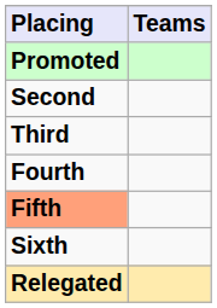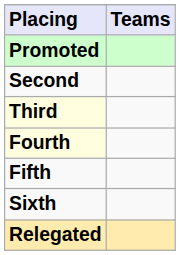 <table class=wikitable>
 <tr>
 </tr>
 <tr style="background: #E6E6FA;">
 <td><strong>Placing</strong></td>
 <td colspan="2" style="text-align:center"><strong>Teams</strong></td>
 </tr>
 <tr style="background: #ccffcc;">
 <td><strong>Promoted</strong></td>
 <td></td>
 </tr>
 <tr>
 <td><strong>Second</strong></td>
 <td></td>
 </tr>
 <tr>
-<td><strong>Third</strong></td>
+<td style="background: lightyellow;"><strong>Third</strong></td>
 <td></td>
 </tr>
 <tr>
-<td><strong>Fourth</strong></td>
+<td style="background: lightyellow;"><strong>Fourth</strong></td>
 <td></td>
 </tr>
 <tr>
-<td style="background: lightsalmon;"><strong>Fifth</strong></td>
+<td><strong>Fifth</strong></td>
 <td></td>
 </tr>
 <tr>
 <td><strong>Sixth</strong></td>
 <td></td>
 </tr>
 <tr style="background: #ffebad;">
 <td><strong>Relegated</strong></td>
 <td></td>
 </tr>
 </table>
